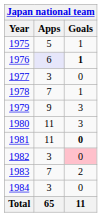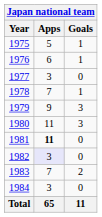 <table class="wikitable" style="text-align:center">
 <tr>
 <th colspan=3><a href='#'>Japan national team</a></th>
 </tr>
 <tr>
 <th>Year</th>
 <th>Apps</th>
 <th>Goals</th>
 </tr>
 <tr>
 <td><a href='#'>1975</a></td>
 <td>5</td>
 <td>1</td>
 </tr>
 <tr>
 <td><a href='#'>1976</a></td>
-<td style="background: lavender;">6</td>
-<td><strong>1</strong></td>
+<td>6</td>
+<td>1</td>
 </tr>
 <tr>
 <td><a href='#'>1977</a></td>
 <td>3</td>
 <td>0</td>
 </tr>
 <tr>
 <td><a href='#'>1978</a></td>
 <td>7</td>
 <td>1</td>
 </tr>
 <tr>
 <td><a href='#'>1979</a></td>
 <td>9</td>
 <td>3</td>
 </tr>
 <tr>
 <td><a href='#'>1980</a></td>
 <td>11</td>
 <td>3</td>
 </tr>
 <tr>
 <td><a href='#'>1981</a></td>
-<td>11</td>
-<td><strong>0</strong></td>
+<td><strong>11</strong></td>
+<td>0</td>
 </tr>
 <tr>
 <td><a href='#'>1982</a></td>
-<td>3</td>
-<td style="background: pink;">0</td>
+<td style="background: lavender;">3</td>
+<td>0</td>
 </tr>
 <tr>
 <td><a href='#'>1983</a></td>
 <td>7</td>
 <td>2</td>
 </tr>
 <tr>
 <td><a href='#'>1984</a></td>
 <td>3</td>
 <td>0</td>
 </tr>
 <tr>
 <th>Total</th>
 <th>65</th>
 <th>11</th>
 </tr>
 </table>
